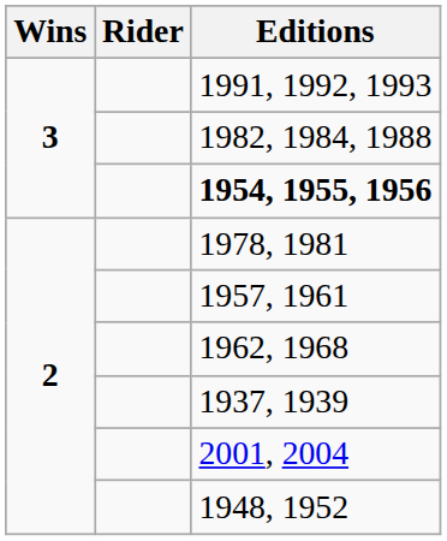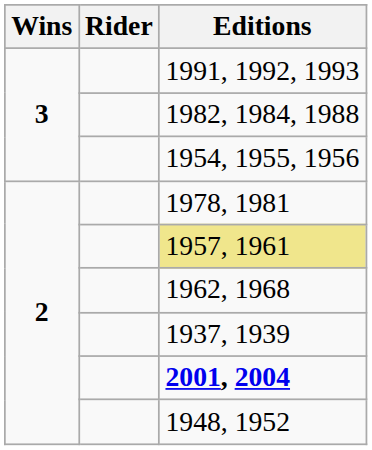 <table class="wikitable">
 <tr>
 <th>Wins</th>
 <th>Rider</th>
 <th>Editions</th>
 </tr>
 <tr>
 <td align=center rowspan=3><strong>3</strong></td>
 <td></td>
 <td>1991, 1992, 1993</td>
 </tr>
 <tr>
 <td></td>
 <td>1982, 1984, 1988</td>
 </tr>
 <tr>
 <td></td>
-<td><strong>1954, 1955, 1956</strong></td>
+<td>1954, 1955, 1956</td>
 </tr>
 <tr>
 <td align=center rowspan=6><strong>2</strong></td>
 <td></td>
 <td>1978, 1981</td>
 </tr>
 <tr>
 <td></td>
-<td>1957, 1961</td>
+<td style="background: khaki;">1957, 1961</td>
 </tr>
 <tr>
 <td></td>
 <td>1962, 1968</td>
 </tr>
 <tr>
 <td></td>
 <td>1937, 1939</td>
 </tr>
 <tr>
 <td></td>
-<td><a href='#'>2001</a>, <a href='#'>2004</a></td>
+<td><strong><a href='#'>2001</a>, <a href='#'>2004</a></strong></td>
 </tr>
 <tr>
 <td></td>
 <td>1948, 1952</td>
 </tr>
 </table>
